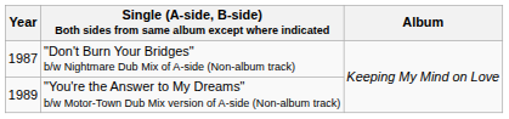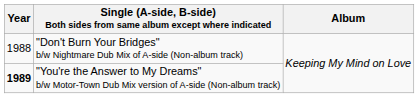 <table class="wikitable">
 <tr>
 <th scope="col">Year</th>
 <th scope="col">Single (A-side, B-side)<br><small>Both sides from same album except where indicated</small></th>
 <th scope="col">Album</th>
 </tr>
 <tr>
-<td align="center">1987</td>
+<td align="center">1988</td>
 <td align="left">"Don't Burn Your Bridges"<br><small>b/w Nightmare Dub Mix of A-side (Non-album track)</small></td>
 <td align="left" rowspan="2"><em>Keeping My Mind on Love</em></td>
 </tr>
 <tr>
-<td align="center">1989</td>
+<td align="center"><strong>1989</strong></td>
 <td align="left">"You're the Answer to My Dreams"<br><small>b/w Motor-Town Dub Mix version of A-side (Non-album track)</small></td>
 </tr>
 </table>
